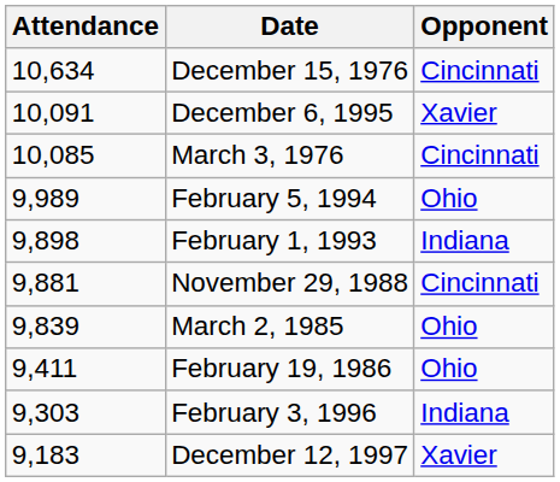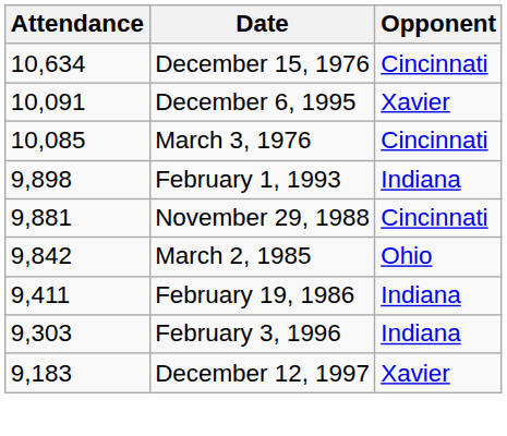 <table class="wikitable" border="1">
 <tr>
 <th>Attendance</th>
 <th>Date</th>
 <th>Opponent</th>
 </tr>
 <tr>
 <td>10,634</td>
 <td>December 15, 1976</td>
 <td><a href='#'>Cincinnati</a></td>
 </tr>
 <tr>
 <td>10,091</td>
 <td>December 6, 1995</td>
 <td><a href='#'>Xavier</a></td>
 </tr>
 <tr>
 <td>10,085</td>
 <td>March 3, 1976</td>
 <td><a href='#'>Cincinnati</a></td>
 </tr>
 <tr>
-<td>9,989</td>
-<td>February 5, 1994</td>
-<td><a href='#'>Ohio</a></td>
-</tr>
-<tr>
 <td>9,898</td>
 <td>February 1, 1993</td>
 <td><a href='#'>Indiana</a></td>
 </tr>
 <tr>
 <td>9,881</td>
 <td>November 29, 1988</td>
 <td><a href='#'>Cincinnati</a></td>
 </tr>
 <tr>
-<td>9,839</td>
+<td>9,842</td>
 <td>March 2, 1985</td>
 <td><a href='#'>Ohio</a></td>
 </tr>
 <tr>
 <td>9,411</td>
 <td>February 19, 1986</td>
-<td><a href='#'>Ohio</a></td>
+<td><a href='#'>Indiana</a></td>
 </tr>
 <tr>
 <td>9,303</td>
 <td>February 3, 1996</td>
 <td><a href='#'>Indiana</a></td>
 </tr>
 <tr>
 <td>9,183</td>
 <td>December 12, 1997</td>
 <td><a href='#'>Xavier</a></td>
 </tr>
 </table>
